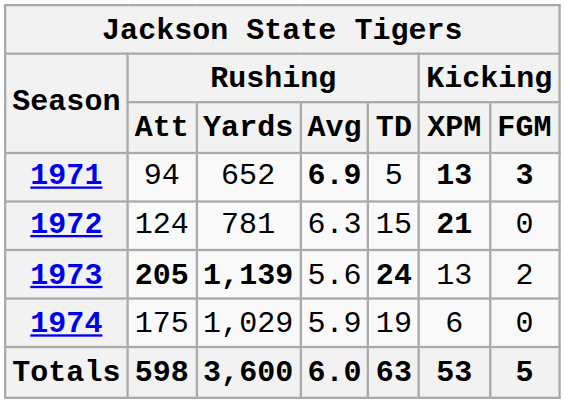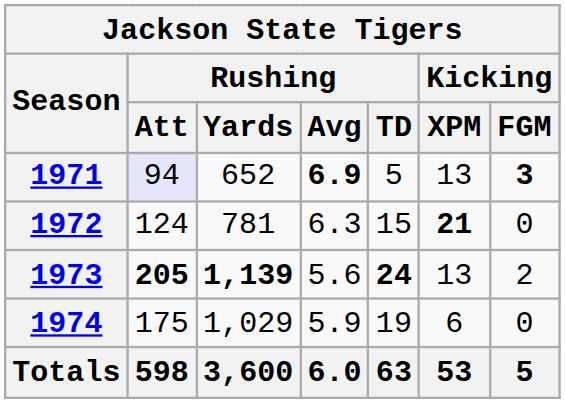 <table class=wikitable style="text-align:center;">
 <tr>
 <th colspan="7">Jackson State Tigers</th>
 </tr>
 <tr>
 <th rowspan="2">Season</th>
 <th colspan="4">Rushing</th>
 <th colspan="2">Kicking</th>
 </tr>
 <tr>
 <th>Att</th>
 <th>Yards</th>
 <th>Avg</th>
 <th>TD</th>
 <th>XPM</th>
 <th>FGM</th>
 </tr>
 <tr>
 <th><a href='#'>1971</a></th>
-<td>94</td>
+<td style="background: lavender;">94</td>
 <td>652</td>
 <td><strong>6.9</strong></td>
 <td>5</td>
-<td><strong>13</strong></td>
+<td>13</td>
 <td><strong>3</strong></td>
 </tr>
 <tr>
 <th><a href='#'>1972</a></th>
 <td>124</td>
 <td>781</td>
 <td>6.3</td>
 <td>15</td>
 <td><strong>21</strong></td>
 <td>0</td>
 </tr>
 <tr>
 <th><a href='#'>1973</a></th>
 <td><strong>205</strong></td>
 <td><strong>1,139</strong></td>
 <td>5.6</td>
 <td><strong>24</strong></td>
 <td>13</td>
 <td>2</td>
 </tr>
 <tr>
 <th><a href='#'>1974</a></th>
 <td>175</td>
 <td>1,029</td>
 <td>5.9</td>
 <td>19</td>
 <td>6</td>
 <td>0</td>
 </tr>
 <tr>
 <th>Totals</th>
 <th>598</th>
 <th>3,600</th>
 <th>6.0</th>
 <th>63</th>
 <th>53</th>
 <th>5</th>
 </tr>
 </table>
